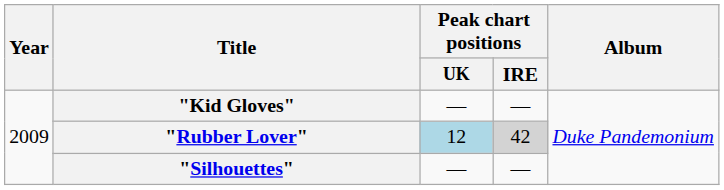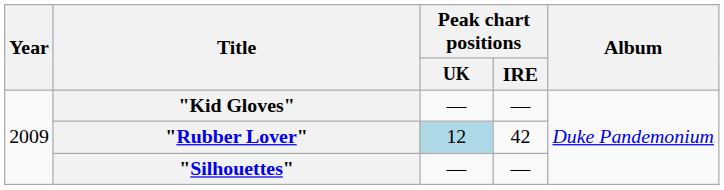 <table class="wikitable plainrowheaders" style="text-align:center;" border="1">
 <tr>
 <th rowspan="2">Year</th>
 <th rowspan="2" style="width:18em;">Title</th>
 <th colspan="2" style="width:6em;">Peak chart positions</th>
 <th rowspan="2">Album</th>
 </tr>
 <tr>
 <th scope="col" style="width:3em;font-size:90%;">UK<br></th>
 <th width="30">IRE<br></th>
 </tr>
 <tr>
 <td rowspan="3">2009</td>
 <th scope="row">"Kid Gloves"</th>
 <td>—</td>
 <td>—</td>
 <td rowspan="3"><em><a href='#'>Duke Pandemonium</a></em></td>
 </tr>
 <tr>
 <th scope="row">"<a href='#'>Rubber Lover</a>"</th>
 <td style="background: lightblue;">12</td>
-<td style="background: lightgrey;">42</td>
+<td>42</td>
 </tr>
 <tr>
 <th scope="row">"<a href='#'>Silhouettes</a>"</th>
 <td>—</td>
 <td>—</td>
 </tr>
 </table>
